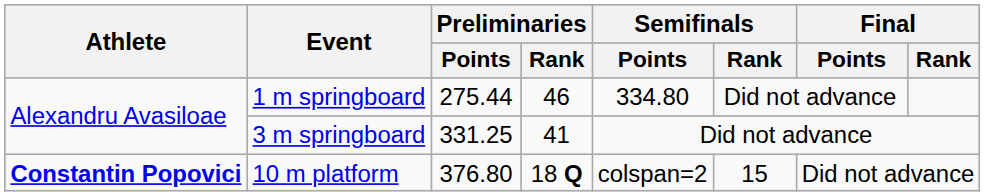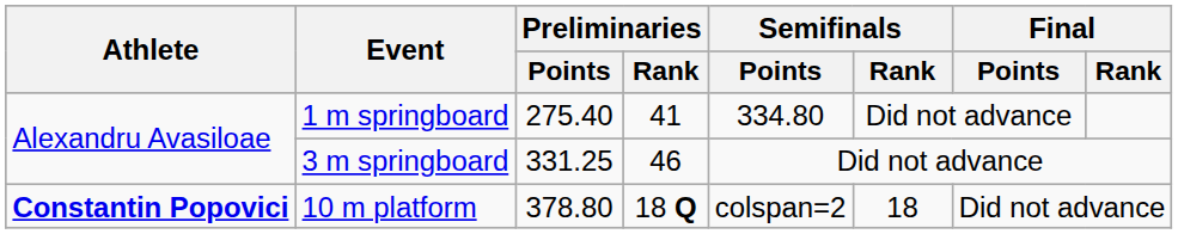 <table class="wikitable" style="text-align:center; font-size:90%;">
 <tr>
 <th rowspan=2>Athlete</th>
 <th rowspan=2>Event</th>
 <th colspan=2>Preliminaries</th>
 <th colspan=2>Semifinals</th>
 <th colspan=2>Final</th>
 </tr>
 <tr style="font-size:95%">
 <th>Points</th>
 <th>Rank</th>
 <th>Points</th>
 <th>Rank</th>
 <th>Points</th>
 <th>Rank</th>
 </tr>
 <tr>
 <td align=left rowspan=2><a href='#'>Alexandru Avasiloae</a></td>
 <td align=left><a href='#'>1 m springboard</a></td>
-<td>275.44</td>
-<td>46</td>
+<td>275.40</td>
+<td>41</td>
 <td>334.80</td>
 <td colspan=2>Did not advance</td>
 </tr>
 <tr>
 <td align=left><a href='#'>3 m springboard</a></td>
 <td>331.25</td>
-<td>41</td>
+<td>46</td>
 <td colspan=4>Did not advance</td>
 </tr>
 <tr>
 <td align=left><strong><a href='#'>Constantin Popovici</a></strong></td>
 <td align=left><a href='#'>10 m platform</a></td>
-<td>376.80</td>
+<td>378.80</td>
 <td>18 <strong>Q</strong></td>
 <td>colspan=2 </td>
-<td>15</td>
+<td>18</td>
 <td colspan=2>Did not advance</td>
 </tr>
 </table>
